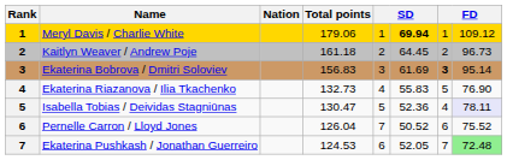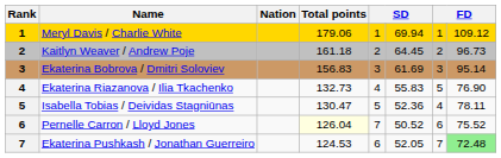 <table class="wikitable sortable">
 <tr>
 <th>Rank</th>
 <th>Name</th>
 <th>Nation</th>
 <th>Total points</th>
 <th colspan="2" width="80px"><a href='#'>SD</a></th>
 <th colspan="2" width="80px"><a href='#'>FD</a></th>
 </tr>
 <tr bgcolor="gold">
 <td align="center"><strong>1</strong></td>
 <td><a href='#'>Meryl Davis</a> / <a href='#'>Charlie White</a></td>
 <td></td>
 <td align="center">179.06</td>
 <td align="center">1</td>
-<td align="center"><strong>69.94</strong></td>
+<td align="center">69.94</td>
 <td align="center">1</td>
 <td align="center">109.12</td>
 </tr>
 <tr bgcolor="silver">
 <td align="center"><strong>2</strong></td>
 <td><a href='#'>Kaitlyn Weaver</a> / <a href='#'>Andrew Poje</a></td>
 <td></td>
 <td align="center">161.18</td>
 <td align="center">2</td>
 <td align="center">64.45</td>
 <td align="center">2</td>
 <td align="center">96.73</td>
 </tr>
 <tr bgcolor="cc9966">
 <td align="center"><strong>3</strong></td>
 <td><a href='#'>Ekaterina Bobrova</a> / <a href='#'>Dmitri Soloviev</a></td>
 <td></td>
 <td align="center">156.83</td>
 <td align="center">3</td>
 <td align="center">61.69</td>
-<td align="center"><strong>3</strong></td>
+<td align="center">3</td>
 <td align="center">95.14</td>
 </tr>
 <tr>
 <th>4</th>
 <td><a href='#'>Ekaterina Riazanova</a> / <a href='#'>Ilia Tkachenko</a></td>
 <td></td>
 <td align="center">132.73</td>
 <td align="center">4</td>
 <td align="center">55.83</td>
 <td align="center">5</td>
 <td align="center">76.90</td>
 </tr>
 <tr>
 <th>5</th>
 <td><a href='#'>Isabella Tobias</a> / <a href='#'>Deividas Stagniūnas</a></td>
 <td></td>
 <td align="center">130.47</td>
 <td align="center">5</td>
 <td align="center">52.36</td>
 <td align="center">4</td>
-<td align="center" style="background: lavender;">78.11</td>
+<td align="center">78.11</td>
 </tr>
 <tr>
 <th>6</th>
 <td><a href='#'>Pernelle Carron</a> / <a href='#'>Lloyd Jones</a></td>
 <td></td>
-<td align="center">126.04</td>
+<td align="center" style="background: lightyellow;">126.04</td>
 <td align="center">7</td>
 <td align="center">50.52</td>
 <td align="center">6</td>
 <td align="center">75.52</td>
 </tr>
 <tr>
 <th>7</th>
 <td><a href='#'>Ekaterina Pushkash</a> / <a href='#'>Jonathan Guerreiro</a></td>
 <td></td>
 <td align="center">124.53</td>
 <td align="center">6</td>
 <td align="center">52.05</td>
 <td align="center">7</td>
 <td align="center" style="background: lightgreen;">72.48</td>
 </tr>
 </table>
